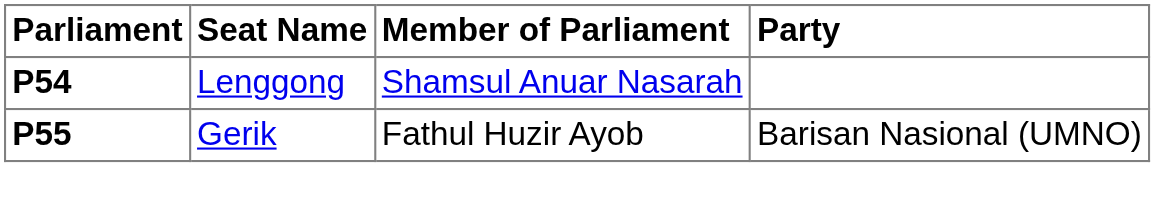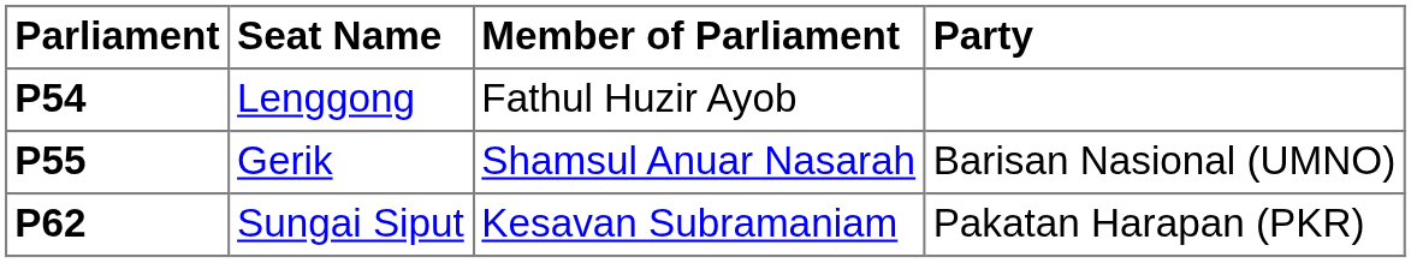 <table class="toccolours sortable" border="1" cellpadding="3" style="border-collapse:collapse; text-align: left;">
 <tr>
 <th align="center">Parliament</th>
 <th>Seat Name</th>
 <th>Member of Parliament</th>
 <th>Party</th>
 </tr>
 <tr>
 <th align="left">P54</th>
 <td><a href='#'>Lenggong</a></td>
-<td><a href='#'>Shamsul Anuar Nasarah</a></td>
+<td>Fathul Huzir Ayob</td>
 <td></td>
 </tr>
 <tr>
 <th align="left">P55</th>
 <td><a href='#'>Gerik</a></td>
-<td>Fathul Huzir Ayob</td>
+<td><a href='#'>Shamsul Anuar Nasarah</a></td>
 <td>Barisan Nasional (UMNO)</td>
 </tr>
+<tr>
+<th align="left">P62</th>
+<td><a href='#'>Sungai Siput</a></td>
+<td><a href='#'>Kesavan Subramaniam</a></td>
+<td>Pakatan Harapan (PKR)</td>
+</tr>
 </table>
